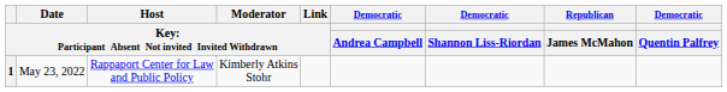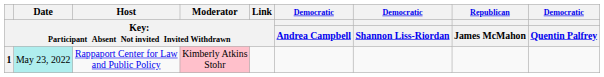 <table class="wikitable" style="text-align:center;">
 <tr>
 <th scope="col"></th>
 <th scope="col">Date</th>
 <th scope="col">Host</th>
 <th scope="col">Moderator</th>
 <th scope="col">Link</th>
 <th scope="col"><small><a href='#'>Democratic</a></small></th>
 <th scope="col"><small><a href='#'>Democratic</a></small></th>
 <th scope="col"><small><a href='#'>Republican</a></small></th>
 <th scope="col"><small><a href='#'>Democratic</a></small></th>
 </tr>
 <tr>
 <th colspan="5" rowspan="2">Key:<br> <small>Participant </small>  <small>Absent </small>  <small>Not invited </small>  <small>Invited  Withdrawn</small></th>
 <th scope="col" style="background:"></th>
 <th scope="col" style="background:"></th>
 <th scope="col" style="background:"></th>
 <th scope="col" style="background:"></th>
 </tr>
 <tr>
 <th scope="col"><a href='#'>Andrea Campbell</a></th>
 <th scope="col"><a href='#'>Shannon Liss-Riordan</a></th>
 <th scope="col">James McMahon</th>
 <th scope="col"><a href='#'>Quentin Palfrey</a></th>
 </tr>
 <tr>
 <th>1</th>
-<td style="white-space:nowrap;">May 23, 2022</td>
+<td style="background: paleturquoise; white-space:nowrap;">May 23, 2022</td>
 <td style="white-space:nowrap;"><a href='#'>Rappaport Center for Law</a><br><a href='#'>and Public Policy</a></td>
-<td style="white-space:nowrap;">Kimberly Atkins<br>Stohr</td>
+<td style="background: pink; white-space:nowrap;">Kimberly Atkins<br>Stohr</td>
 <td style="white-space:nowrap;"></td>
 <td></td>
 <td></td>
 <td></td>
 <td></td>
 </tr>
 </table>
